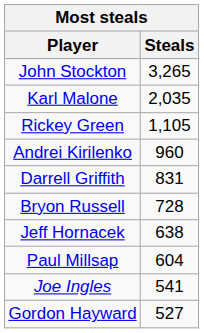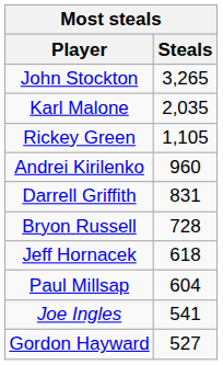 <table class="wikitable sortable" style="text-align:center">
 <tr>
 <th colspan="2" style="text-align:center; ">Most steals</th>
 </tr>
 <tr>
 <th style="text-align:center; ">Player</th>
 <th style="text-align:center; ">Steals</th>
 </tr>
 <tr>
 <td><a href='#'>John Stockton</a></td>
 <td>3,265</td>
 </tr>
 <tr>
 <td><a href='#'>Karl Malone</a></td>
 <td>2,035</td>
 </tr>
 <tr>
 <td><a href='#'>Rickey Green</a></td>
 <td>1,105</td>
 </tr>
 <tr>
 <td><a href='#'>Andrei Kirilenko</a></td>
 <td>960</td>
 </tr>
 <tr>
 <td><a href='#'>Darrell Griffith</a></td>
 <td>831</td>
 </tr>
 <tr>
 <td><a href='#'>Bryon Russell</a></td>
 <td>728</td>
 </tr>
 <tr>
 <td><a href='#'>Jeff Hornacek</a></td>
-<td>638</td>
+<td>618</td>
 </tr>
 <tr>
 <td><a href='#'>Paul Millsap</a></td>
 <td>604</td>
 </tr>
 <tr>
 <td><em><a href='#'>Joe Ingles</a></em></td>
 <td>541</td>
 </tr>
 <tr>
 <td><a href='#'>Gordon Hayward</a></td>
 <td>527</td>
 </tr>
 </table>
